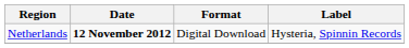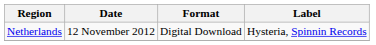 <table class=wikitable>
 <tr>
 <th>Region</th>
 <th>Date</th>
 <th>Format</th>
 <th>Label</th>
 </tr>
 <tr>
 <td><a href='#'>Netherlands</a></td>
-<td><strong>12 November 2012</strong></td>
+<td>12 November 2012</td>
 <td>Digital Download</td>
 <td>Hysteria, <a href='#'>Spinnin Records</a></td>
 </tr>
 <tr>
 </tr>
 </table>
